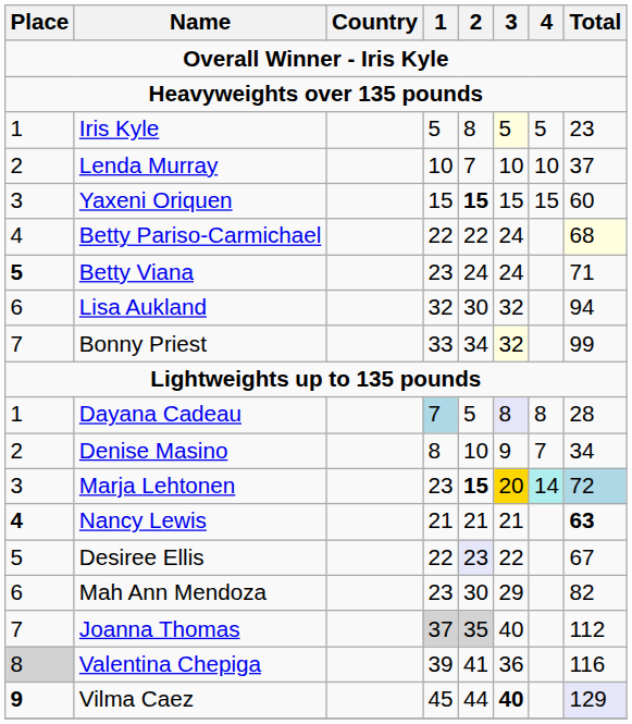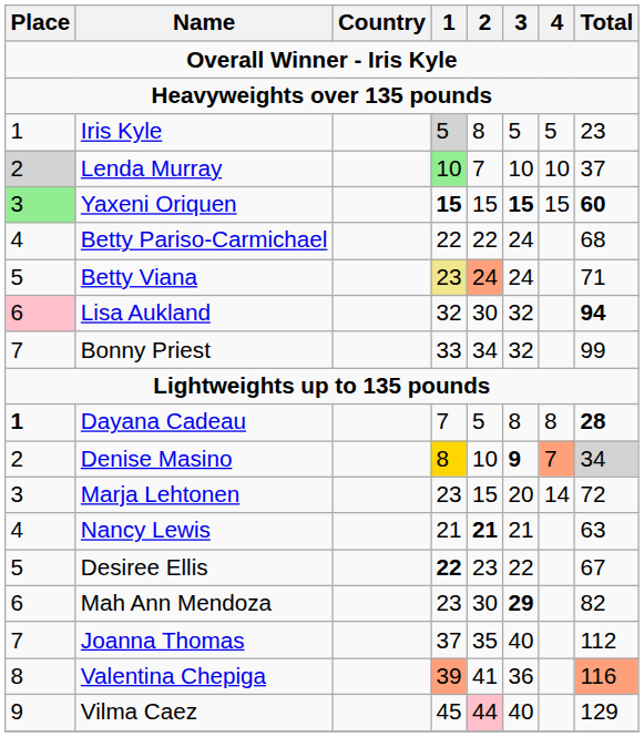 <table class="wikitable">
 <tr>
 <th>Place</th>
 <th>Name</th>
 <th>Country</th>
 <th>1</th>
 <th>2</th>
 <th>3</th>
 <th>4</th>
 <th>Total</th>
 </tr>
 <tr>
 <td rowspan=1 colspan=9 align="center"><strong>Overall Winner - Iris Kyle</strong></td>
 </tr>
 <tr>
 <td rowspan=1 colspan=9 align="center"><strong>Heavyweights over 135 pounds</strong></td>
 </tr>
 <tr>
 <td>1</td>
 <td><a href='#'>Iris Kyle</a></td>
 <td></td>
+<td style="background: lightgrey;">5</td>
+<td>8</td>
 <td>5</td>
-<td>8</td>
-<td style="background: lightyellow;">5</td>
 <td>5</td>
 <td>23</td>
 </tr>
 <tr>
-<td>2</td>
+<td style="background: lightgrey;">2</td>
 <td><a href='#'>Lenda Murray</a></td>
 <td></td>
-<td>10</td>
+<td style="background: lightgreen;">10</td>
 <td>7</td>
 <td>10</td>
 <td>10</td>
 <td>37</td>
 </tr>
 <tr>
-<td>3</td>
+<td style="background: lightgreen;">3</td>
 <td><a href='#'>Yaxeni Oriquen</a></td>
 <td></td>
+<td><strong>15</strong></td>
 <td>15</td>
 <td><strong>15</strong></td>
 <td>15</td>
-<td>15</td>
-<td>60</td>
+<td><strong>60</strong></td>
 </tr>
 <tr>
 <td>4</td>
 <td><a href='#'>Betty Pariso-Carmichael</a></td>
 <td></td>
 <td>22</td>
 <td>22</td>
 <td>24</td>
 <td></td>
-<td style="background: lightyellow;">68</td>
+<td>68</td>
 </tr>
 <tr>
-<td><strong>5</strong></td>
+<td>5</td>
 <td><a href='#'>Betty Viana</a></td>
 <td></td>
-<td>23</td>
-<td>24</td>
+<td style="background: khaki;">23</td>
+<td style="background: lightsalmon;">24</td>
 <td>24</td>
 <td></td>
 <td>71</td>
 </tr>
 <tr>
-<td>6</td>
+<td style="background: pink;">6</td>
 <td><a href='#'>Lisa Aukland</a></td>
 <td></td>
 <td>32</td>
 <td>30</td>
 <td>32</td>
 <td></td>
-<td>94</td>
+<td><strong>94</strong></td>
 </tr>
 <tr>
 <td>7</td>
 <td>Bonny Priest</td>
 <td></td>
 <td>33</td>
 <td>34</td>
-<td style="background: lightyellow;">32</td>
+<td>32</td>
 <td></td>
 <td>99</td>
 </tr>
 <tr>
 <td rowspan=1 colspan=9 align="center"><strong>Lightweights up to 135 pounds</strong></td>
 </tr>
 <tr>
-<td>1</td>
+<td><strong>1</strong></td>
 <td><a href='#'>Dayana Cadeau</a></td>
 <td></td>
-<td style="background: lightblue;">7</td>
+<td>7</td>
 <td>5</td>
-<td style="background: lavender;">8</td>
 <td>8</td>
-<td>28</td>
+<td>8</td>
+<td><strong>28</strong></td>
 </tr>
 <tr>
 <td>2</td>
 <td><a href='#'>Denise Masino</a></td>
 <td></td>
-<td>8</td>
+<td style="background: gold;">8</td>
 <td>10</td>
-<td>9</td>
-<td>7</td>
-<td>34</td>
+<td><strong>9</strong></td>
+<td style="background: lightsalmon;">7</td>
+<td style="background: lightgrey;">34</td>
 </tr>
 <tr>
 <td>3</td>
 <td><a href='#'>Marja Lehtonen</a></td>
 <td></td>
 <td>23</td>
-<td><strong>15</strong></td>
-<td style="background: gold;">20</td>
-<td style="background: paleturquoise;">14</td>
-<td style="background: lightblue;">72</td>
+<td>15</td>
+<td>20</td>
+<td>14</td>
+<td>72</td>
 </tr>
 <tr>
-<td><strong>4</strong></td>
+<td>4</td>
 <td><a href='#'>Nancy Lewis</a></td>
 <td></td>
 <td>21</td>
-<td>21</td>
+<td><strong>21</strong></td>
 <td>21</td>
 <td></td>
-<td><strong>63</strong></td>
+<td>63</td>
 </tr>
 <tr>
 <td>5</td>
 <td>Desiree Ellis</td>
 <td></td>
-<td>22</td>
-<td style="background: lavender;">23</td>
+<td><strong>22</strong></td>
+<td>23</td>
 <td>22</td>
 <td></td>
 <td>67</td>
 </tr>
 <tr>
 <td>6</td>
 <td>Mah Ann Mendoza</td>
 <td></td>
 <td>23</td>
 <td>30</td>
-<td>29</td>
+<td><strong>29</strong></td>
 <td></td>
 <td>82</td>
 </tr>
 <tr>
 <td>7</td>
 <td><a href='#'>Joanna Thomas</a></td>
 <td></td>
-<td style="background: lightgrey;">37</td>
-<td style="background: lightgrey;">35</td>
+<td>37</td>
+<td>35</td>
 <td>40</td>
 <td></td>
 <td>112</td>
 </tr>
 <tr>
-<td style="background: lightgrey;">8</td>
+<td>8</td>
 <td><a href='#'>Valentina Chepiga</a></td>
 <td></td>
-<td>39</td>
+<td style="background: lightsalmon;">39</td>
 <td>41</td>
 <td>36</td>
 <td></td>
-<td>116</td>
+<td style="background: lightsalmon;">116</td>
 </tr>
 <tr>
-<td><strong>9</strong></td>
+<td>9</td>
 <td>Vilma Caez</td>
 <td></td>
 <td>45</td>
-<td>44</td>
-<td><strong>40</strong></td>
+<td style="background: pink;">44</td>
+<td>40</td>
 <td></td>
-<td style="background: lavender;">129</td>
+<td>129</td>
 </tr>
 <tr>
 </tr>
 </table>
